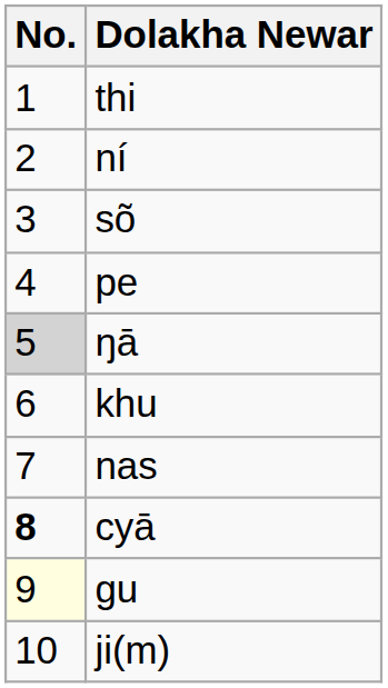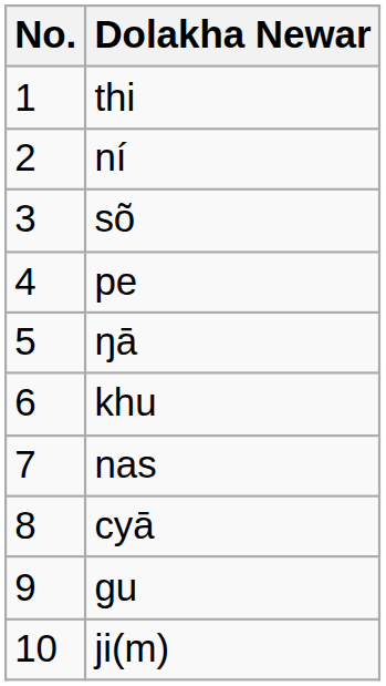 <table class="wikitable sortable">
 <tr>
 <th>No.</th>
 <th>Dolakha Newar</th>
 </tr>
 <tr>
 <td>1</td>
 <td>thi</td>
 </tr>
 <tr>
 <td>2</td>
 <td>ní</td>
 </tr>
 <tr>
 <td>3</td>
 <td>sõ</td>
 </tr>
 <tr>
 <td>4</td>
 <td>pe</td>
 </tr>
 <tr>
-<td style="background: lightgrey;">5</td>
+<td>5</td>
 <td>ŋā</td>
 </tr>
 <tr>
 <td>6</td>
 <td>khu</td>
 </tr>
 <tr>
 <td>7</td>
 <td>nas</td>
 </tr>
 <tr>
-<td><strong>8</strong></td>
+<td>8</td>
 <td>cyā</td>
 </tr>
 <tr>
-<td style="background: lightyellow;">9</td>
+<td>9</td>
 <td>gu</td>
 </tr>
 <tr>
 <td>10</td>
 <td>ji(m)</td>
 </tr>
 </table>
